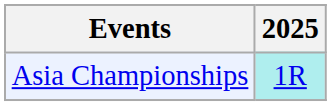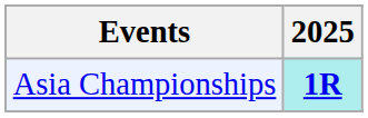 <table style='font-size: 90%; text-align:center;' class='wikitable'>
 <tr>
 <th>Events</th>
 <th>2025</th>
 </tr>
 <tr>
 <td bgcolor="#ECF2FF"; align="left"><a href='#'>Asia Championships</a></td>
-<td bgcolor=AFEEEE><a href='#'>1R</a></td>
+<td bgcolor=AFEEEE><strong><a href='#'>1R</a></strong></td>
 </tr>
 </table>
